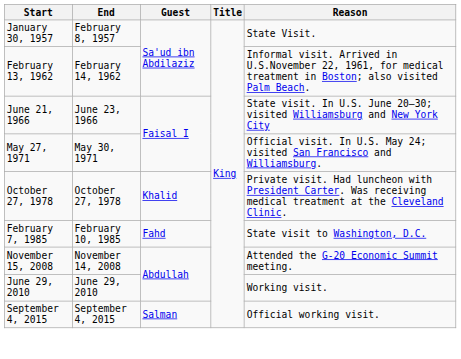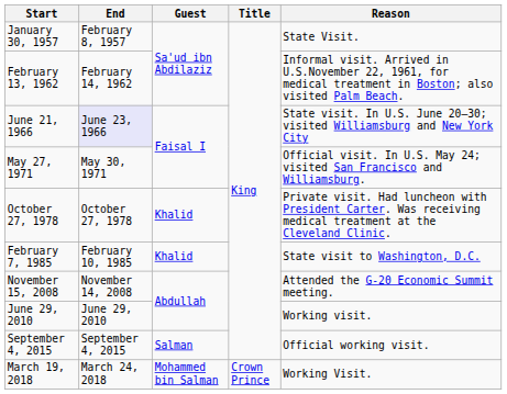 <table class="wikitable sortable">
 <tr>
 <th>Start</th>
 <th>End</th>
 <th>Guest</th>
 <th>Title</th>
 <th>Reason</th>
 </tr>
 <tr>
 <td>January 30, 1957</td>
 <td>February 8, 1957</td>
 <td rowspan=2><a href='#'>Sa'ud ibn Abdilaziz</a></td>
 <td rowspan=9><a href='#'>King</a></td>
 <td>State Visit.</td>
 </tr>
 <tr>
 <td>February 13, 1962</td>
 <td>February 14, 1962</td>
 <td>Informal visit. Arrived in U.S.November 22, 1961, for medical treatment in <a href='#'>Boston</a>; also visited <a href='#'>Palm Beach</a>.</td>
 </tr>
 <tr>
 <td>June 21, 1966</td>
-<td>June 23, 1966</td>
+<td style="background: lavender;">June 23, 1966</td>
 <td rowspan=2><a href='#'>Faisal I</a></td>
 <td>State visit. In U.S. June 20–30; visited <a href='#'>Williamsburg</a> and <a href='#'>New York City</a></td>
 </tr>
 <tr>
 <td>May 27, 1971</td>
 <td>May 30, 1971</td>
 <td>Official visit. In U.S. May 24; visited <a href='#'>San Francisco</a> and <a href='#'>Williamsburg</a>.</td>
 </tr>
 <tr>
 <td>October 27, 1978</td>
 <td>October 27, 1978</td>
 <td><a href='#'>Khalid</a></td>
 <td>Private visit. Had luncheon with <a href='#'>President Carter</a>. Was receiving medical treatment at the <a href='#'>Cleveland Clinic</a>.</td>
 </tr>
 <tr>
 <td>February 7, 1985</td>
 <td>February 10, 1985</td>
-<td><a href='#'>Fahd</a></td>
+<td><a href='#'>Khalid</a></td>
 <td>State visit to <a href='#'>Washington, D.C.</a></td>
 </tr>
 <tr>
 <td>November 15, 2008</td>
 <td>November 14, 2008</td>
 <td rowspan=2><a href='#'>Abdullah</a></td>
 <td>Attended the <a href='#'>G-20 Economic Summit</a> meeting.</td>
 </tr>
 <tr>
 <td>June 29, 2010</td>
 <td>June 29, 2010</td>
 <td>Working visit.</td>
 </tr>
 <tr>
 <td>September 4, 2015</td>
 <td>September 4, 2015</td>
 <td><a href='#'>Salman</a></td>
 <td>Official working visit.</td>
 </tr>
+<tr>
+<td>March 19, 2018</td>
+<td>March 24, 2018</td>
+<td><a href='#'>Mohammed bin Salman</a></td>
+<td><a href='#'>Crown Prince</a></td>
+<td>Working Visit.</td>
+</tr>
 </table>
